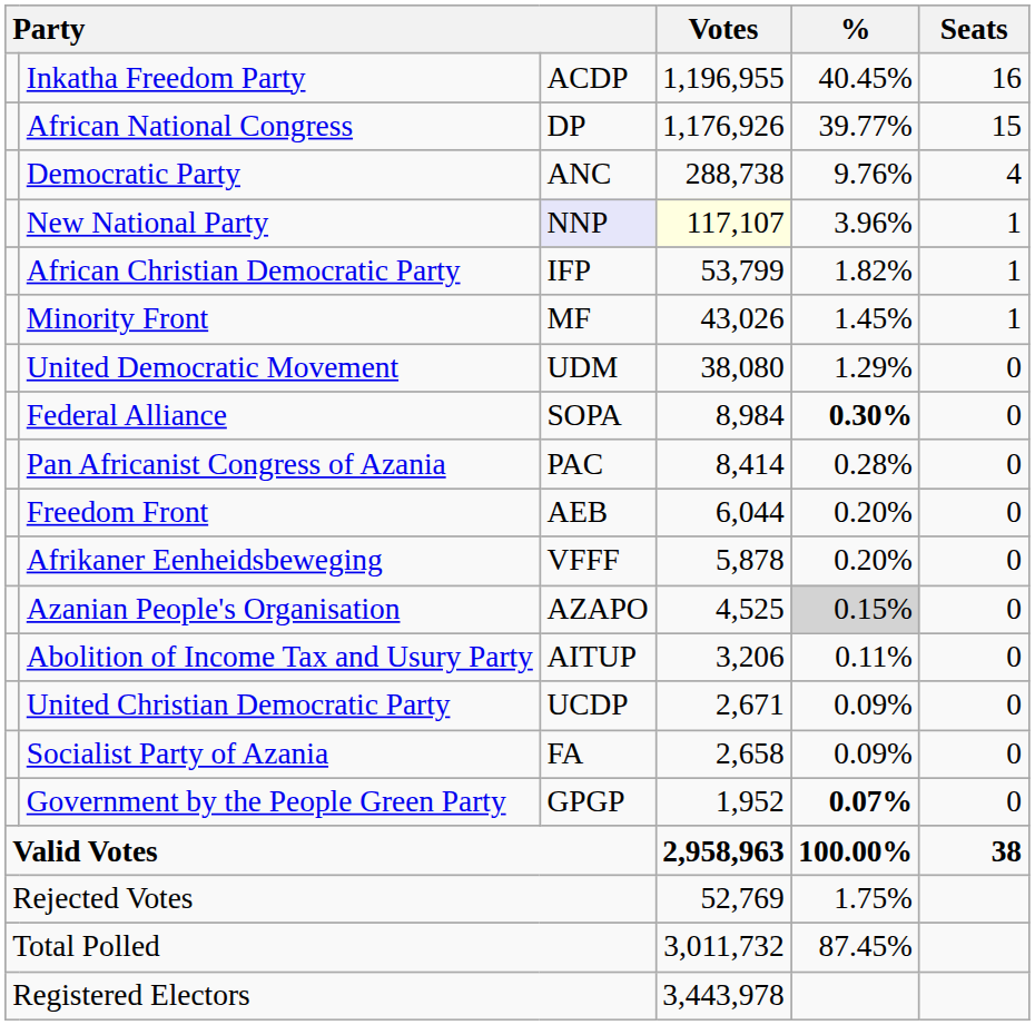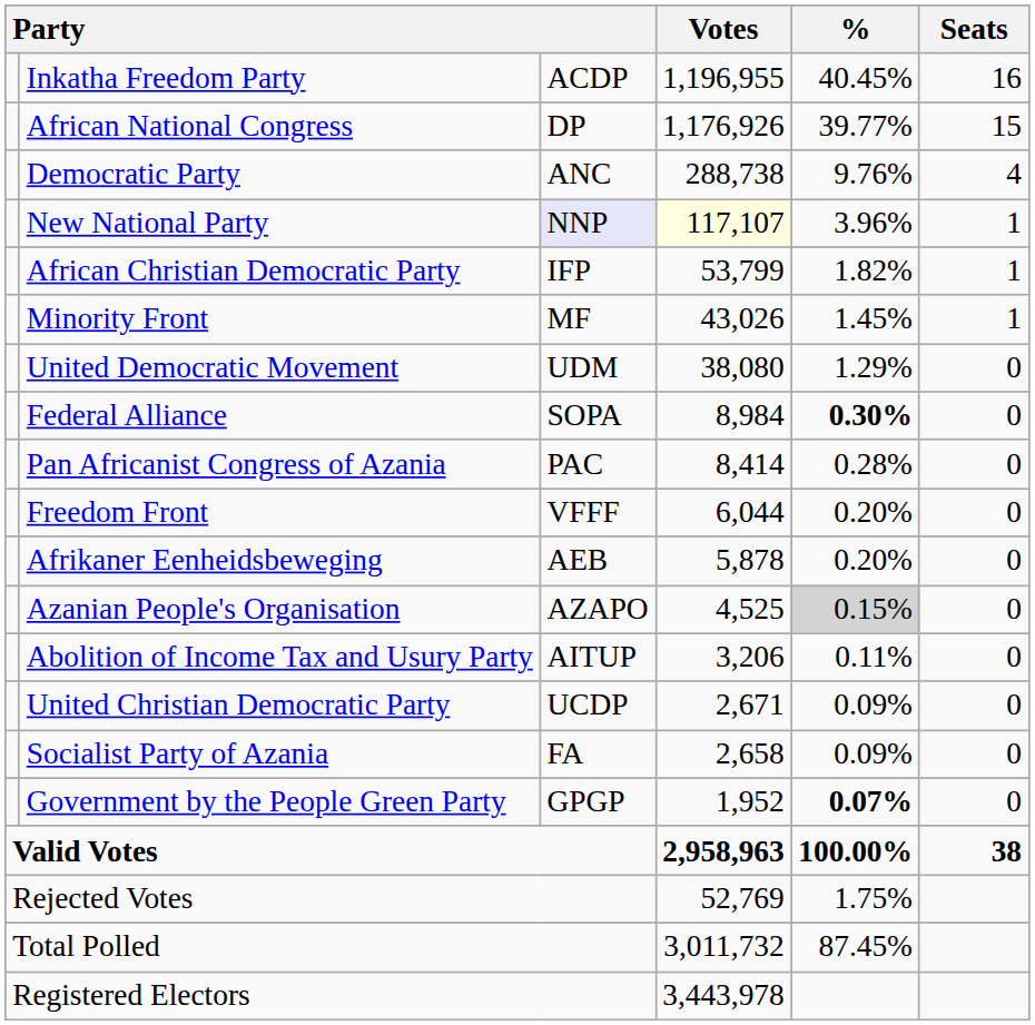 <table class="wikitable" border="1" style="text-align:right;">
 <tr>
 <th style="text-align:left;" colspan=3>Party</th>
 <th align=center width="50">Votes</th>
 <th align=center width="50">%</th>
 <th align=center width="50">Seats</th>
 </tr>
 <tr>
 <td style="background:"></td>
 <td align=left><a href='#'>Inkatha Freedom Party</a></td>
 <td align=left>ACDP</td>
 <td>1,196,955</td>
 <td>40.45%</td>
 <td>16</td>
 </tr>
 <tr>
 <td style="background:"></td>
 <td align=left><a href='#'>African National Congress</a></td>
 <td align=left>DP</td>
 <td>1,176,926</td>
 <td>39.77%</td>
 <td>15</td>
 </tr>
 <tr>
 <td style="background:"></td>
 <td align=left><a href='#'>Democratic Party</a></td>
 <td align=left>ANC</td>
 <td>288,738</td>
 <td>9.76%</td>
 <td>4</td>
 </tr>
 <tr>
 <td style="background:"></td>
 <td align=left><a href='#'>New National Party</a></td>
 <td align=left style="background: lavender;">NNP</td>
 <td style="background: lightyellow;">117,107</td>
 <td>3.96%</td>
 <td>1</td>
 </tr>
 <tr>
 <td style="background:"></td>
 <td align=left><a href='#'>African Christian Democratic Party</a></td>
 <td align=left>IFP</td>
 <td>53,799</td>
 <td>1.82%</td>
 <td>1</td>
 </tr>
 <tr>
 <td style="background:"></td>
 <td align=left><a href='#'>Minority Front</a></td>
 <td align=left>MF</td>
 <td>43,026</td>
 <td>1.45%</td>
 <td>1</td>
 </tr>
 <tr>
 <td style="background:"></td>
 <td align=left><a href='#'>United Democratic Movement</a></td>
 <td align=left>UDM</td>
 <td>38,080</td>
 <td>1.29%</td>
 <td>0</td>
 </tr>
 <tr>
 <td></td>
 <td align=left><a href='#'>Federal Alliance</a></td>
 <td align=left>SOPA</td>
 <td>8,984</td>
 <td><strong>0.30%</strong></td>
 <td>0</td>
 </tr>
 <tr>
 <td style="background:"></td>
 <td align=left><a href='#'>Pan Africanist Congress of Azania</a></td>
 <td align=left>PAC</td>
 <td>8,414</td>
 <td>0.28%</td>
 <td>0</td>
 </tr>
 <tr>
 <td style="background:"></td>
 <td align=left><a href='#'>Freedom Front</a></td>
-<td align=left>AEB</td>
+<td align=left>VFFF</td>
 <td>6,044</td>
 <td>0.20%</td>
 <td>0</td>
 </tr>
 <tr>
 <td></td>
 <td align=left><a href='#'>Afrikaner Eenheidsbeweging</a></td>
-<td align=left>VFFF</td>
+<td align=left>AEB</td>
 <td>5,878</td>
 <td>0.20%</td>
 <td>0</td>
 </tr>
 <tr>
 <td style="background:"></td>
 <td align=left><a href='#'>Azanian People's Organisation</a></td>
 <td align=left>AZAPO</td>
 <td>4,525</td>
 <td style="background: lightgrey;">0.15%</td>
 <td>0</td>
 </tr>
 <tr>
 <td style="background:"></td>
 <td align=left><a href='#'>Abolition of Income Tax and Usury Party</a></td>
 <td align=left>AITUP</td>
 <td>3,206</td>
 <td>0.11%</td>
 <td>0</td>
 </tr>
 <tr>
 <td style="background:"></td>
 <td align=left><a href='#'>United Christian Democratic Party</a></td>
 <td align=left>UCDP</td>
 <td>2,671</td>
 <td>0.09%</td>
 <td>0</td>
 </tr>
 <tr>
 <td style="background:"></td>
 <td align=left><a href='#'>Socialist Party of Azania</a></td>
 <td align=left>FA</td>
 <td>2,658</td>
 <td>0.09%</td>
 <td>0</td>
 </tr>
 <tr>
 <td style="background:"></td>
 <td align=left><a href='#'>Government by the People Green Party</a></td>
 <td align=left>GPGP</td>
 <td>1,952</td>
 <td><strong>0.07%</strong></td>
 <td>0</td>
 </tr>
 <tr style="font-weight:bold">
 <td align=left colspan=3>Valid Votes</td>
 <td>2,958,963</td>
 <td>100.00%</td>
 <td>38</td>
 </tr>
 <tr>
 <td align=left colspan=3>Rejected Votes</td>
 <td>52,769</td>
 <td>1.75%</td>
 <td></td>
 </tr>
 <tr>
 <td align=left colspan=3>Total Polled</td>
 <td>3,011,732</td>
 <td>87.45%</td>
 <td></td>
 </tr>
 <tr>
 <td align=left colspan=3>Registered Electors</td>
 <td>3,443,978</td>
 <td></td>
 <td></td>
 </tr>
 </table>
